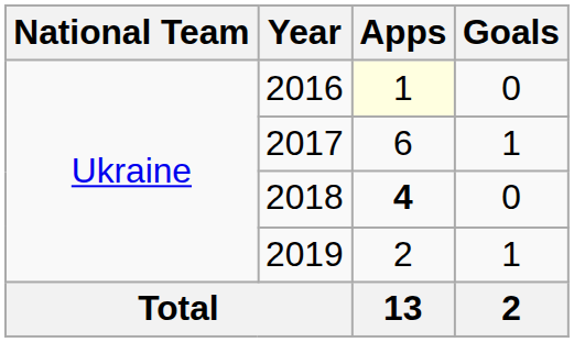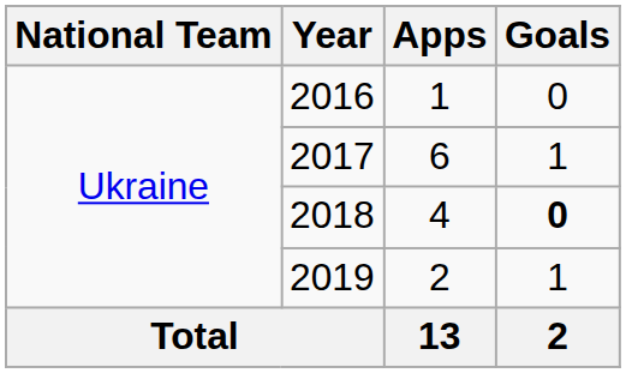 <table class="wikitable" style="text-align: center">
 <tr>
 <th>National Team</th>
 <th>Year</th>
 <th>Apps</th>
 <th>Goals</th>
 </tr>
 <tr>
 <td rowspan="4"><a href='#'>Ukraine</a></td>
 <td>2016</td>
-<td style="background: lightyellow;">1</td>
+<td>1</td>
 <td>0</td>
 </tr>
 <tr>
 <td>2017</td>
 <td>6</td>
 <td>1</td>
 </tr>
 <tr>
 <td>2018</td>
-<td><strong>4</strong></td>
-<td>0</td>
+<td>4</td>
+<td><strong>0</strong></td>
 </tr>
 <tr>
 <td>2019</td>
 <td>2</td>
 <td>1</td>
 </tr>
 <tr>
 <th colspan="2">Total</th>
 <th>13</th>
 <th>2</th>
 </tr>
 </table>
